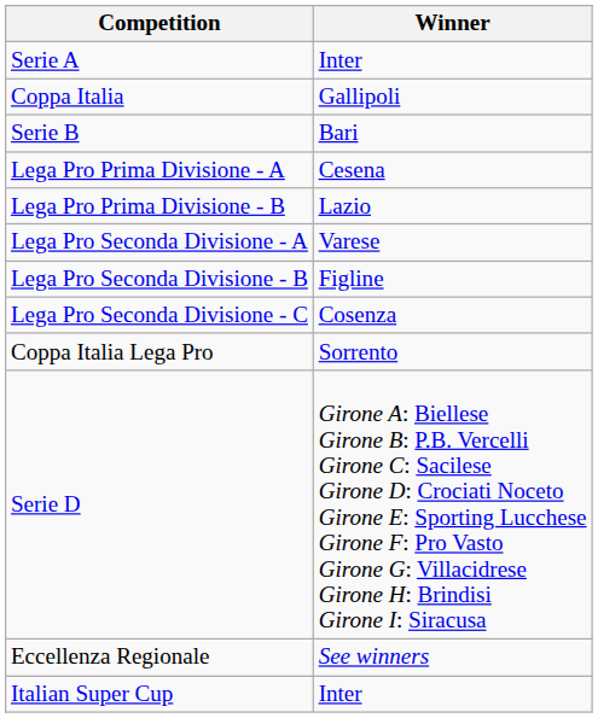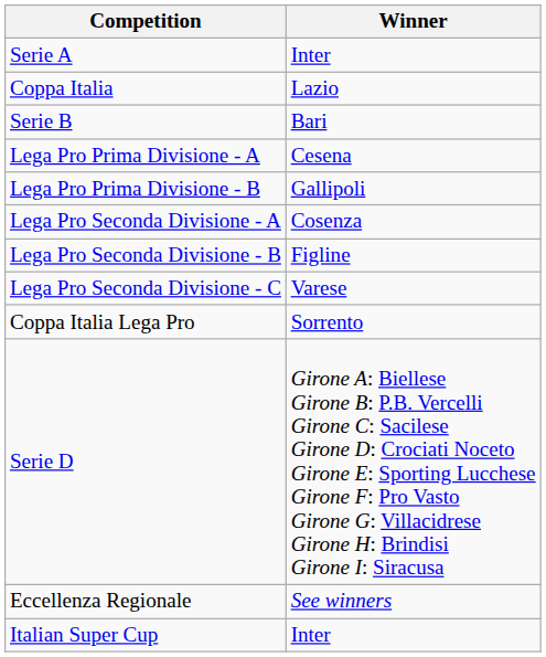 <table class="wikitable">
 <tr>
 <th>Competition</th>
 <th>Winner</th>
 </tr>
 <tr>
 <td><a href='#'>Serie A</a></td>
 <td><a href='#'>Inter</a></td>
 </tr>
 <tr>
 <td><a href='#'>Coppa Italia</a></td>
-<td><a href='#'>Gallipoli</a></td>
+<td><a href='#'>Lazio</a></td>
 </tr>
 <tr>
 <td><a href='#'>Serie B</a></td>
 <td><a href='#'>Bari</a></td>
 </tr>
 <tr>
 <td><a href='#'>Lega Pro Prima Divisione - A</a></td>
 <td><a href='#'>Cesena</a></td>
 </tr>
 <tr>
 <td><a href='#'>Lega Pro Prima Divisione - B</a></td>
-<td><a href='#'>Lazio</a></td>
+<td><a href='#'>Gallipoli</a></td>
 </tr>
 <tr>
 <td><a href='#'>Lega Pro Seconda Divisione - A</a></td>
-<td><a href='#'>Varese</a></td>
+<td><a href='#'>Cosenza</a></td>
 </tr>
 <tr>
 <td><a href='#'>Lega Pro Seconda Divisione - B</a></td>
 <td><a href='#'>Figline</a></td>
 </tr>
 <tr>
 <td><a href='#'>Lega Pro Seconda Divisione - C</a></td>
-<td><a href='#'>Cosenza</a></td>
+<td><a href='#'>Varese</a></td>
 </tr>
 <tr>
 <td>Coppa Italia Lega Pro</td>
 <td><a href='#'>Sorrento</a></td>
 </tr>
 <tr>
 <td><a href='#'>Serie D</a></td>
 <td><br><em>Girone A</em>: <a href='#'>Biellese</a><br> <em>Girone B</em>: <a href='#'>P.B. Vercelli</a><br> <em>Girone C</em>: <a href='#'>Sacilese</a><br> <em>Girone D</em>: <a href='#'>Crociati Noceto</a><br> <em>Girone E</em>: <a href='#'>Sporting Lucchese</a><br> <em>Girone F</em>: <a href='#'>Pro Vasto</a><br> <em>Girone G</em>: <a href='#'>Villacidrese</a><br> <em>Girone H</em>: <a href='#'>Brindisi</a><br> <em>Girone I</em>: <a href='#'>Siracusa</a><br></td>
 </tr>
 <tr>
 <td>Eccellenza Regionale</td>
 <td><em><a href='#'>See winners</a></em></td>
 </tr>
 <tr>
 <td><a href='#'>Italian Super Cup</a></td>
 <td><a href='#'>Inter</a></td>
 </tr>
 </table>
